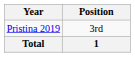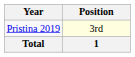 <table class="wikitable" style="text-align: center;">
 <tr>
 <th>Year</th>
 <th width="100">Position</th>
 </tr>
 <tr>
 <td><a href='#'>Pristina 2019</a></td>
-<td>3rd</td>
+<td style="background: lightyellow;">3rd</td>
 </tr>
 <tr>
 <th>Total</th>
 <th>1</th>
 </tr>
 </table>
